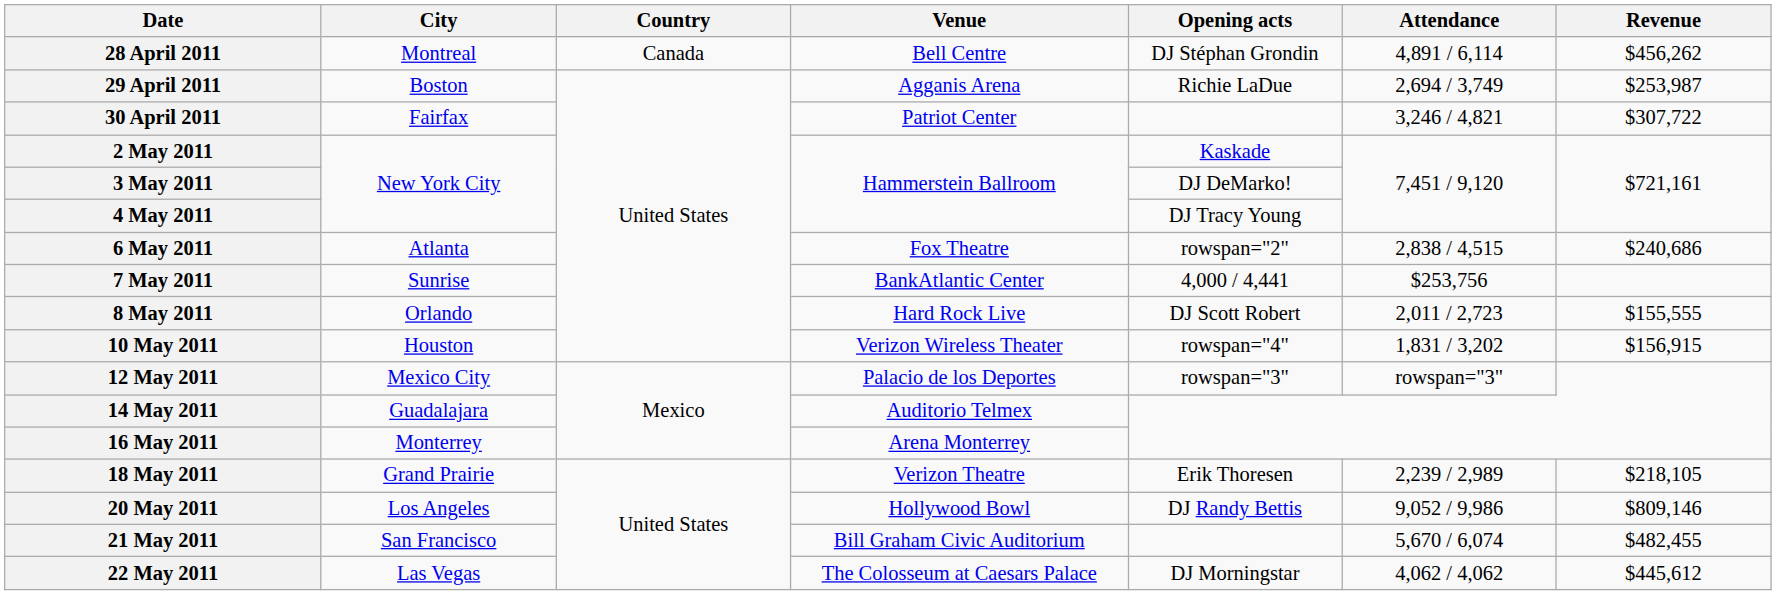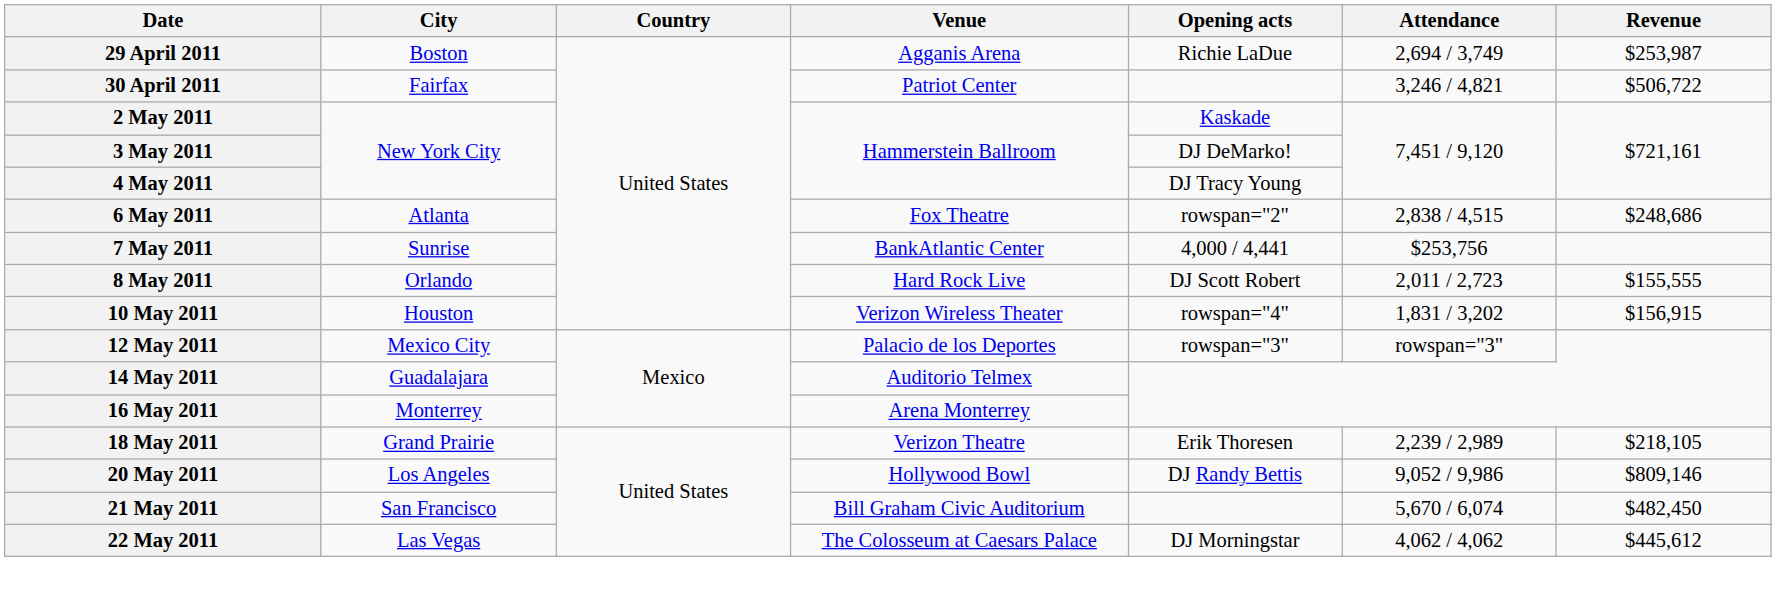 <table class="wikitable plainrowheaders" style="text-align:center;">
 <tr>
 <th scope="col" style="width:15em;">Date</th>
 <th scope="col" style="width:11em;">City</th>
 <th scope="col" style="width:11em;">Country</th>
 <th scope="col" style="width:16em;">Venue</th>
 <th scope="col" style="width:10em;">Opening acts</th>
 <th scope="col" style="width:10em;">Attendance</th>
 <th scope="col" style="width:10em;">Revenue</th>
-</tr>
-<tr>
-<th scope="row">28 April 2011</th>
-<td><a href='#'>Montreal</a></td>
-<td>Canada</td>
-<td><a href='#'>Bell Centre</a></td>
-<td>DJ Stéphan Grondin</td>
-<td>4,891 / 6,114</td>
-<td>$456,262</td>
 </tr>
 <tr>
 <th scope="row">29 April 2011</th>
 <td><a href='#'>Boston</a></td>
 <td rowspan="9">United States</td>
 <td><a href='#'>Agganis Arena</a></td>
 <td>Richie LaDue</td>
 <td>2,694 / 3,749</td>
 <td>$253,987</td>
 </tr>
 <tr>
 <th scope="row">30 April 2011</th>
 <td><a href='#'>Fairfax</a></td>
 <td><a href='#'>Patriot Center</a></td>
 <td></td>
 <td>3,246 / 4,821</td>
-<td>$307,722</td>
+<td>$506,722</td>
 </tr>
 <tr>
 <th scope="row">2 May 2011</th>
 <td rowspan="3"><a href='#'>New York City</a></td>
 <td rowspan="3"><a href='#'>Hammerstein Ballroom</a></td>
 <td><a href='#'>Kaskade</a></td>
 <td rowspan="3">7,451 / 9,120</td>
 <td rowspan="3">$721,161</td>
 </tr>
 <tr>
 <th scope="row">3 May 2011</th>
 <td>DJ DeMarko!</td>
 </tr>
 <tr>
 <th scope="row">4 May 2011</th>
 <td>DJ Tracy Young</td>
 </tr>
 <tr>
 <th scope="row">6 May 2011</th>
 <td><a href='#'>Atlanta</a></td>
 <td><a href='#'>Fox Theatre</a></td>
 <td>rowspan="2" </td>
 <td>2,838 / 4,515</td>
-<td>$240,686</td>
+<td>$248,686</td>
 </tr>
 <tr>
 <th scope="row">7 May 2011</th>
 <td><a href='#'>Sunrise</a></td>
 <td><a href='#'>BankAtlantic Center</a></td>
 <td>4,000 / 4,441</td>
 <td>$253,756</td>
 </tr>
 <tr>
 <th scope="row">8 May 2011</th>
 <td><a href='#'>Orlando</a></td>
 <td><a href='#'>Hard Rock Live</a></td>
 <td>DJ Scott Robert</td>
 <td>2,011 / 2,723</td>
 <td>$155,555</td>
 </tr>
 <tr>
 <th scope="row">10 May 2011</th>
 <td><a href='#'>Houston</a></td>
 <td><a href='#'>Verizon Wireless Theater</a></td>
 <td>rowspan="4" </td>
 <td>1,831 / 3,202</td>
 <td>$156,915</td>
 </tr>
 <tr>
 <th scope="row">12 May 2011</th>
 <td><a href='#'>Mexico City</a></td>
 <td rowspan="3">Mexico</td>
 <td><a href='#'>Palacio de los Deportes</a></td>
 <td>rowspan="3" </td>
 <td>rowspan="3" </td>
 </tr>
 <tr>
 <th scope="row">14 May 2011</th>
 <td><a href='#'>Guadalajara</a></td>
 <td><a href='#'>Auditorio Telmex</a></td>
 </tr>
 <tr>
 <th scope="row">16 May 2011</th>
 <td><a href='#'>Monterrey</a></td>
 <td><a href='#'>Arena Monterrey</a></td>
 </tr>
 <tr>
 <th scope="row">18 May 2011</th>
 <td><a href='#'>Grand Prairie</a></td>
 <td rowspan="4">United States</td>
 <td><a href='#'>Verizon Theatre</a></td>
 <td>Erik Thoresen</td>
 <td>2,239 / 2,989</td>
 <td>$218,105</td>
 </tr>
 <tr>
 <th scope="row">20 May 2011</th>
 <td><a href='#'>Los Angeles</a></td>
 <td><a href='#'>Hollywood Bowl</a></td>
 <td>DJ <a href='#'>Randy Bettis</a></td>
 <td>9,052 / 9,986</td>
 <td>$809,146</td>
 </tr>
 <tr>
 <th scope="row">21 May 2011</th>
 <td><a href='#'>San Francisco</a></td>
 <td><a href='#'>Bill Graham Civic Auditorium</a></td>
 <td></td>
 <td>5,670 / 6,074</td>
-<td>$482,455</td>
+<td>$482,450</td>
 </tr>
 <tr>
 <th scope="row">22 May 2011</th>
 <td><a href='#'>Las Vegas</a></td>
 <td><a href='#'>The Colosseum at Caesars Palace</a></td>
 <td>DJ Morningstar</td>
 <td>4,062 / 4,062</td>
 <td>$445,612</td>
 </tr>
 </table>
